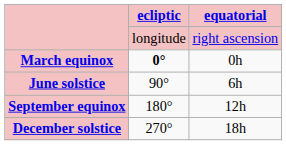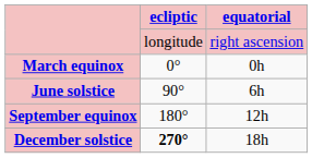 <table class="wikitable" style="float: right;margin:0em 0 .5em 1em;">
 <tr>
 <td rowspan="2" bgcolor="#F4C2C2"> </td>
 <td align="center" bgcolor="#F4C2C2"><strong><a href='#'>ecliptic</a></strong></td>
 <td align="center" bgcolor="#F4C2C2"><strong><a href='#'>equatorial</a></strong></td>
 </tr>
 <tr align="center" bgcolor="#F4C2C2">
 <td>longitude</td>
 <td><a href='#'>right ascension</a></td>
 </tr>
 <tr align="center">
 <td bgcolor="#F4C2C2"><strong><a href='#'>March equinox</a></strong></td>
-<td><strong>0°</strong></td>
+<td>0°</td>
 <td>0h</td>
 </tr>
 <tr align="center">
 <td bgcolor="#F4C2C2"><strong><a href='#'>June solstice</a></strong></td>
 <td>90°</td>
 <td>6h</td>
 </tr>
 <tr align="center">
 <td bgcolor="#F4C2C2"><strong><a href='#'>September equinox</a></strong></td>
 <td>180°</td>
 <td>12h</td>
 </tr>
 <tr align="center">
 <td bgcolor="#F4C2C2"><strong><a href='#'>December solstice</a></strong></td>
-<td>270°</td>
+<td><strong>270°</strong></td>
 <td>18h</td>
 </tr>
 </table>
